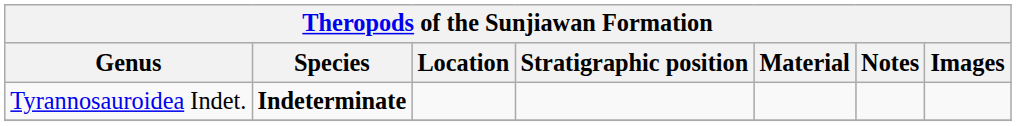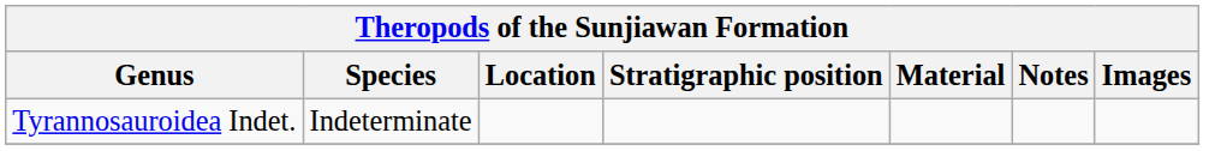 <table class="wikitable" align="center">
 <tr>
 <th colspan="7" align="center"><a href='#'>Theropods</a> of the Sunjiawan Formation</th>
 </tr>
 <tr>
 <th>Genus</th>
 <th>Species</th>
 <th>Location</th>
 <th>Stratigraphic position</th>
 <th>Material</th>
 <th>Notes</th>
 <th>Images</th>
 </tr>
 <tr>
 <td><a href='#'>Tyrannosauroidea</a> Indet.</td>
-<td><strong>Indeterminate</strong></td>
+<td>Indeterminate</td>
 <td></td>
 <td></td>
 <td></td>
 <td></td>
 <td></td>
 </tr>
 <tr>
 </tr>
 </table>
